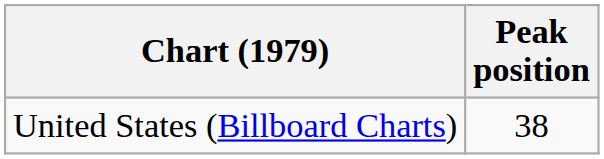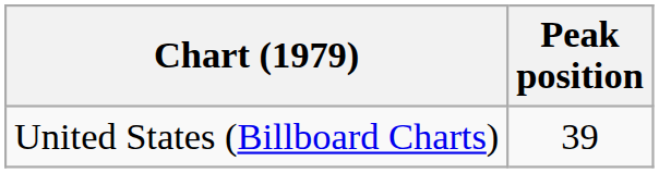 <table class="wikitable">
 <tr>
 <th scope="col">Chart (1979)</th>
 <th>Peak<br>position</th>
 </tr>
 <tr>
 <td>United States (<a href='#'>Billboard Charts</a>)</td>
-<td style="text-align:center;">38</td>
+<td style="text-align:center;">39</td>
 </tr>
 </table>
